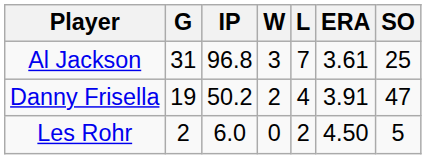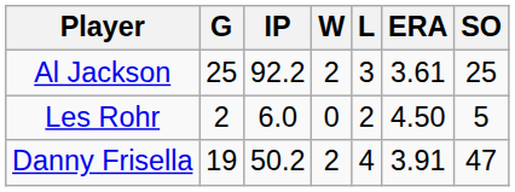 <table class="wikitable sortable">
 <tr>
 <th>Player</th>
 <th>G</th>
 <th>IP</th>
 <th>W</th>
 <th>L</th>
 <th>ERA</th>
 <th>SO</th>
 </tr>
 <tr align="center">
 <td><a href='#'>Al Jackson</a></td>
-<td>31</td>
-<td>96.8</td>
+<td>25</td>
+<td>92.2</td>
+<td>2</td>
 <td>3</td>
-<td>7</td>
 <td>3.61</td>
 <td>25</td>
+</tr>
+<tr align=center>
+<td><a href='#'>Les Rohr</a></td>
+<td>2</td>
+<td>6.0</td>
+<td>0</td>
+<td>2</td>
+<td>4.50</td>
+<td>5</td>
 </tr>
 <tr align=center>
 <td><a href='#'>Danny Frisella</a></td>
 <td>19</td>
 <td>50.2</td>
 <td>2</td>
 <td>4</td>
 <td>3.91</td>
 <td>47</td>
 </tr>
-<tr align=center>
-<td><a href='#'>Les Rohr</a></td>
-<td>2</td>
-<td>6.0</td>
-<td>0</td>
-<td>2</td>
-<td>4.50</td>
-<td>5</td>
-</tr>
 </table>
